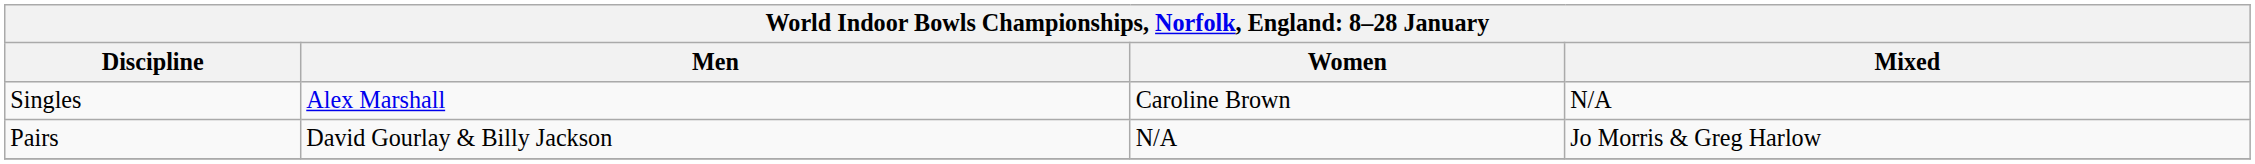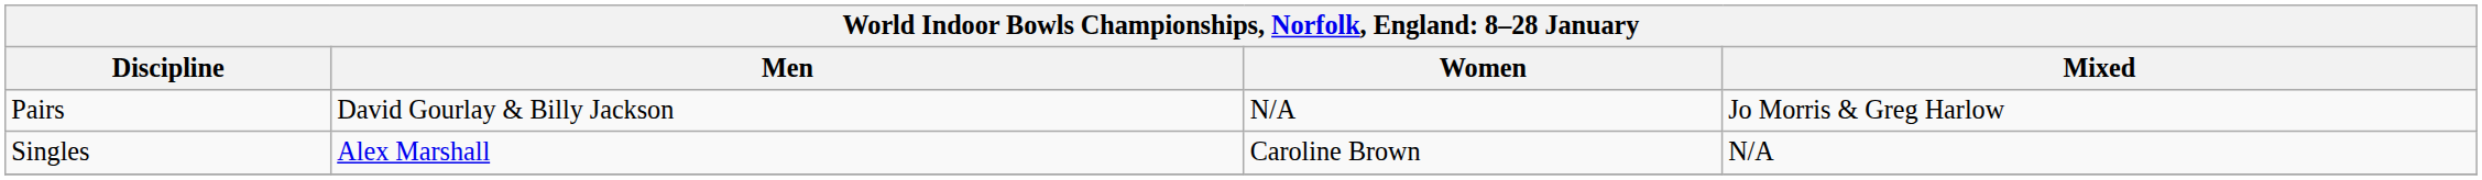 <table class="wikitable" width="75%">
 <tr>
 <th colspan="4">World Indoor Bowls Championships, <a href='#'>Norfolk</a>, England: 8–28 January</th>
 </tr>
 <tr>
 <th>Discipline</th>
 <th>Men</th>
 <th>Women</th>
 <th>Mixed</th>
 </tr>
 <tr>
+<td>Pairs</td>
+<td>  David Gourlay & Billy Jackson</td>
+<td>N/A</td>
+<td> Jo Morris & Greg Harlow</td>
+</tr>
+<tr>
 <td>Singles</td>
 <td> <a href='#'>Alex Marshall</a></td>
 <td> Caroline Brown</td>
 <td>N/A</td>
 </tr>
 <tr>
-<td>Pairs</td>
-<td>  David Gourlay & Billy Jackson</td>
-<td>N/A</td>
-<td> Jo Morris & Greg Harlow</td>
-</tr>
-<tr>
 </tr>
 </table>
